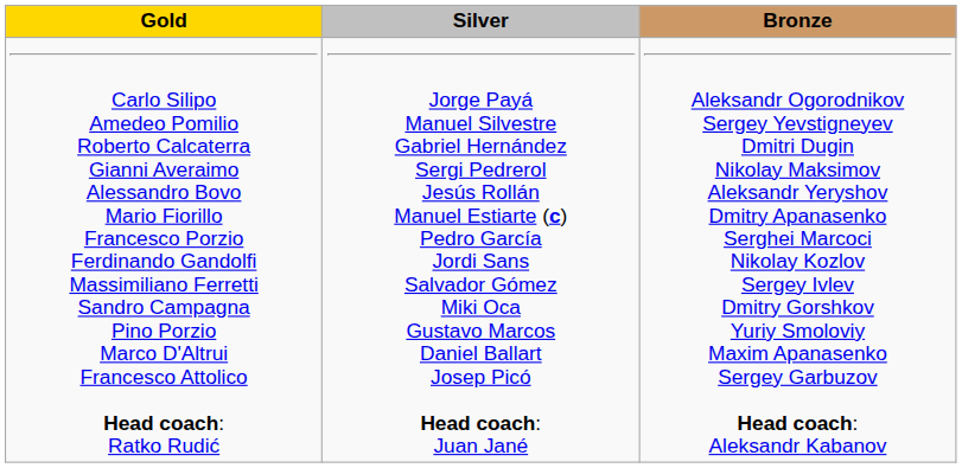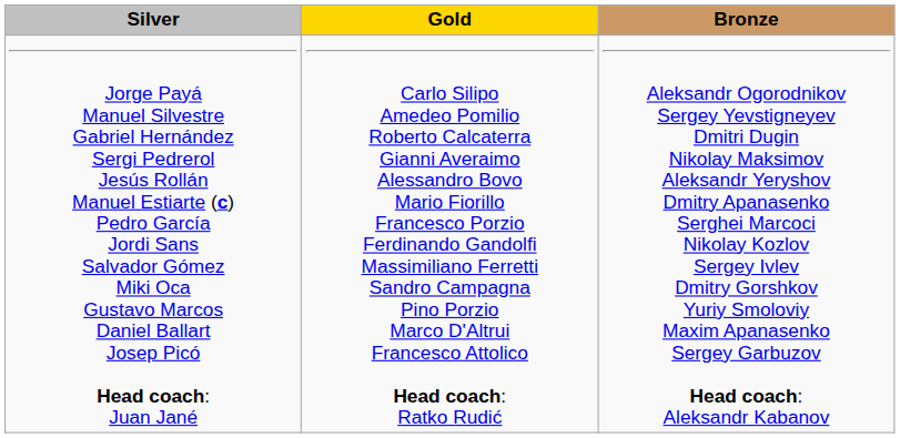 <table class="wikitable">
 <tr>
+<th style="text-align:center; width:15em; background-color:silver;">Silver</th>
 <th style="text-align:center; width:15em; background-color:gold;">Gold</th>
-<th style="text-align:center; width:15em; background-color:silver;">Silver</th>
 <th style="text-align:center; width:15em; background-color:#CC9966;">Bronze</th>
 </tr>
 <tr>
+<td style="text-align:center; vertical-align:top;"><strong></strong> <hr><br><a href='#'>Jorge Payá</a><br> <a href='#'>Manuel Silvestre</a><br> <a href='#'>Gabriel Hernández</a><br> <a href='#'>Sergi Pedrerol</a><br> <a href='#'>Jesús Rollán</a><br> <a href='#'>Manuel Estiarte</a> (<a href='#'><strong>c</strong></a>)<br> <a href='#'>Pedro García</a><br> <a href='#'>Jordi Sans</a><br> <a href='#'>Salvador Gómez</a><br> <a href='#'>Miki Oca</a><br> <a href='#'>Gustavo Marcos</a><br> <a href='#'>Daniel Ballart</a><br> <a href='#'>Josep Picó</a><br><br><strong>Head coach</strong>: <br><a href='#'>Juan Jané</a></td>
 <td style="text-align:center; vertical-align:top;"><strong></strong> <hr><br><a href='#'>Carlo Silipo</a><br> <a href='#'>Amedeo Pomilio</a><br> <a href='#'>Roberto Calcaterra</a><br> <a href='#'>Gianni Averaimo</a><br> <a href='#'>Alessandro Bovo</a><br> <a href='#'>Mario Fiorillo</a><br> <a href='#'>Francesco Porzio</a><br> <a href='#'>Ferdinando Gandolfi</a><br> <a href='#'>Massimiliano Ferretti</a><br> <a href='#'>Sandro Campagna</a><br> <a href='#'>Pino Porzio</a><br> <a href='#'>Marco D'Altrui</a><br> <a href='#'>Francesco Attolico</a><br><br><strong>Head coach</strong>: <br><a href='#'>Ratko Rudić</a></td>
-<td style="text-align:center; vertical-align:top;"><strong></strong> <hr><br><a href='#'>Jorge Payá</a><br> <a href='#'>Manuel Silvestre</a><br> <a href='#'>Gabriel Hernández</a><br> <a href='#'>Sergi Pedrerol</a><br> <a href='#'>Jesús Rollán</a><br> <a href='#'>Manuel Estiarte</a> (<a href='#'><strong>c</strong></a>)<br> <a href='#'>Pedro García</a><br> <a href='#'>Jordi Sans</a><br> <a href='#'>Salvador Gómez</a><br> <a href='#'>Miki Oca</a><br> <a href='#'>Gustavo Marcos</a><br> <a href='#'>Daniel Ballart</a><br> <a href='#'>Josep Picó</a><br><br><strong>Head coach</strong>: <br><a href='#'>Juan Jané</a></td>
 <td style="text-align:center; vertical-align:top;"><strong></strong> <hr><br><a href='#'>Aleksandr Ogorodnikov</a><br> <a href='#'>Sergey Yevstigneyev</a><br><a href='#'>Dmitri Dugin</a><br> <a href='#'>Nikolay Maksimov</a><br> <a href='#'>Aleksandr Yeryshov</a><br> <a href='#'>Dmitry Apanasenko</a><br> <a href='#'>Serghei Marcoci</a><br> <a href='#'>Nikolay Kozlov</a><br> <a href='#'>Sergey Ivlev</a><br> <a href='#'>Dmitry Gorshkov</a><br> <a href='#'>Yuriy Smoloviy</a><br> <a href='#'>Maxim Apanasenko</a><br><a href='#'>Sergey Garbuzov</a><br><br><strong>Head coach</strong>: <br><a href='#'>Aleksandr Kabanov</a></td>
 </tr>
 </table>
